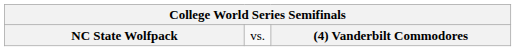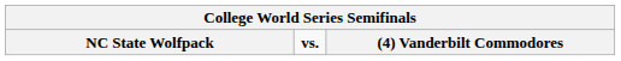 <table class="wikitable">
 <tr>
 <th style="width: 604px;" colspan=3>College World Series Semifinals</th>
 </tr>
 <tr>
 <th style="width: 289px; ">NC State Wolfpack</th>
-<td style="width: 25px; text-align:center">vs.</td>
+<td style="width: 25px; text-align:center"><strong>vs.</strong></td>
 <th style="width: 289px; ">(4) Vanderbilt Commodores</th>
 </tr>
 </table>
